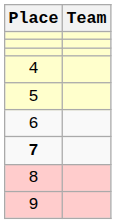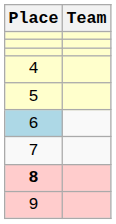 <table class="wikitable">
 <tr>
 <th>Place</th>
 <th>Team</th>
 </tr>
 <tr bgcolor=#ffffcc>
 <td align=center></td>
 <td></td>
 </tr>
 <tr bgcolor=#ffffcc>
 <td align=center></td>
 <td></td>
 </tr>
 <tr bgcolor=#ffffcc>
 <td align=center></td>
 <td></td>
 </tr>
 <tr bgcolor=#ffffcc>
 <td align=center>4</td>
 <td></td>
 </tr>
 <tr bgcolor=#ffffcc>
 <td align=center>5</td>
 <td></td>
 </tr>
 <tr>
-<td align=center>6</td>
+<td align=center style="background: lightblue;">6</td>
 <td></td>
 </tr>
 <tr>
-<td align=center><strong>7</strong></td>
+<td align=center>7</td>
 <td></td>
 </tr>
 <tr bgcolor=#ffcccc>
-<td align=center>8</td>
+<td align=center><strong>8</strong></td>
 <td></td>
 </tr>
 <tr bgcolor=#ffcccc>
 <td align=center>9</td>
 <td></td>
 </tr>
 </table>
